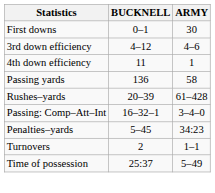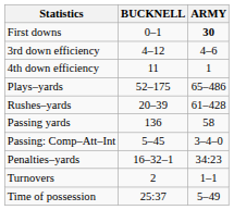 <table class="wikitable">
 <tr>
 <th>Statistics</th>
 <th>BUCKNELL</th>
 <th>ARMY</th>
 </tr>
 <tr>
 <td>First downs</td>
 <td align=center>0–1</td>
-<td align=center>30</td>
+<td align=center><strong>30</strong></td>
 </tr>
 <tr>
 <td>3rd down efficiency</td>
 <td align=center>4–12</td>
 <td align=center>4–6</td>
 </tr>
 <tr>
 <td>4th down efficiency</td>
 <td align=center>11</td>
 <td align=center>1</td>
 </tr>
 <tr>
-<td>Passing yards</td>
-<td align=center>136</td>
-<td align=center>58</td>
+<td>Plays–yards</td>
+<td align=center>52–175</td>
+<td align=center>65–486</td>
 </tr>
 <tr>
 <td>Rushes–yards</td>
 <td align=center>20–39</td>
 <td align=center>61–428</td>
 </tr>
 <tr>
+<td>Passing yards</td>
+<td align=center>136</td>
+<td align=center>58</td>
+</tr>
+<tr>
 <td>Passing: Comp–Att–Int</td>
-<td align=center>16–32–1</td>
+<td align=center>5–45</td>
 <td align=center>3–4–0</td>
 </tr>
 <tr>
 <td>Penalties–yards</td>
-<td align=center>5–45</td>
+<td align=center>16–32–1</td>
 <td align=center>34:23</td>
 </tr>
 <tr>
 <td>Turnovers</td>
 <td align=center>2</td>
 <td align=center>1–1</td>
 </tr>
 <tr>
 <td>Time of possession</td>
 <td align=center>25:37</td>
 <td align=center>5–49</td>
 </tr>
 </table>
